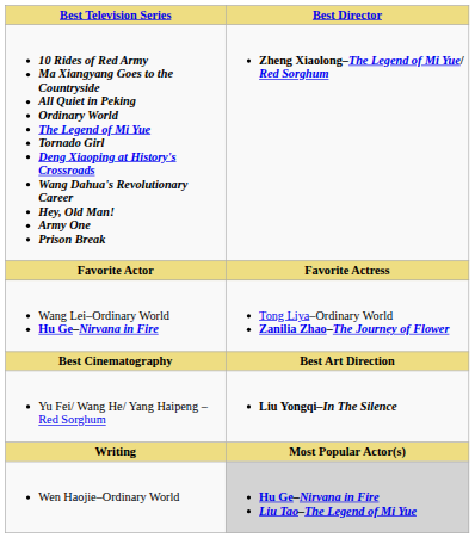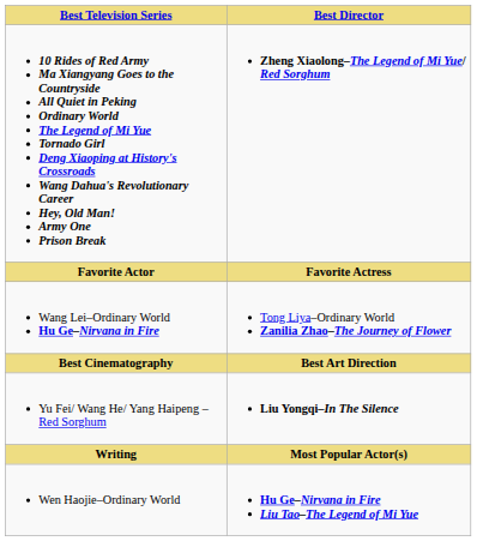 <table class="wikitable">
 <tr>
 <th style="background:#EEDD82; width=50%"><a href='#'>Best Television Series</a></th>
 <th style="background:#EEDD82; width=50%"><a href='#'>Best Director</a></th>
 </tr>
 <tr>
 <td valign="top"><br><ul><li><strong><em>10 Rides of Red Army</em></strong></li><li><strong><em>Ma Xiangyang Goes to the Countryside</em></strong></li><li><strong><em>All Quiet in Peking</em></strong></li><li><strong><em>Ordinary World</em></strong></li><li><strong><em><a href='#'>The Legend of Mi Yue</a></em></strong></li><li><strong><em>Tornado Girl</em></strong></li><li><strong><em><a href='#'>Deng Xiaoping at History's Crossroads</a></em></strong></li><li><strong><em>Wang Dahua's Revolutionary Career</em></strong></li><li><strong><em>Hey, Old Man!</em></strong></li><li><strong><em>Army One</em></strong></li><li><strong><em>Prison Break</em></strong></li></ul></td>
 <td valign="top"><br><ul><li><strong>Zheng Xiaolong–<em><a href='#'>The Legend of Mi Yue</a></em>/ <em><a href='#'>Red Sorghum</a><strong><em></li></ul></td>
 </tr>
 <tr>
 <th style="background:#EEDD82; width=50%">Favorite Actor</th>
 <th style="background:#EEDD82; width=50%">Favorite Actress</th>
 </tr>
 <tr>
 <td valign="top"><br><ul><li></strong>Wang Lei–</em>Ordinary World</em></strong></li><li><strong><a href='#'>Hu Ge</a>–<em><a href='#'>Nirvana in Fire</a><strong><em></li></ul></td>
 <td valign="top"><br><ul><li></strong><a href='#'>Tong Liya</a>–</em>Ordinary World</em></strong></li><li><strong><a href='#'>Zanilia Zhao</a>–<em><a href='#'>The Journey of Flower</a><strong><em></li></ul></td>
 </tr>
 <tr>
 <th style="background:#EEDD82; width=50%">Best Cinematography</th>
 <th style="background:#EEDD82; width=50%">Best Art Direction</th>
 </tr>
 <tr>
 <td valign="top"><br><ul><li></strong>Yu Fei/ Wang He/ Yang Haipeng –</em><a href='#'>Red Sorghum</a></em></strong></li></ul></td>
 <td valign="top"><br><ul><li><strong>Liu Yongqi–<em>In The Silence<strong><em></li></ul></td>
 </tr>
 <tr>
 <th style="background:#EEDD82; width=50%">Writing</th>
 <th style="background:#EEDD82; width=50%">Most Popular Actor(s)</th>
 </tr>
 <tr>
 <td valign="top"><br><ul><li></strong>Wen Haojie–</em>Ordinary World</em></strong></li></ul></td>
-<td valign="top" style="background: lightgrey;"><br><ul><li><strong><a href='#'>Hu Ge</a>–<em><a href='#'>Nirvana in Fire</a><strong><em></li><li></strong><a href='#'>Liu Tao</a>–</em><a href='#'>The Legend of Mi Yue</a></em></strong></li></ul></td>
+<td valign="top"><br><ul><li><strong><a href='#'>Hu Ge</a>–<em><a href='#'>Nirvana in Fire</a><strong><em></li><li></strong><a href='#'>Liu Tao</a>–</em><a href='#'>The Legend of Mi Yue</a></em></strong></li></ul></td>
 </tr>
 </table>
